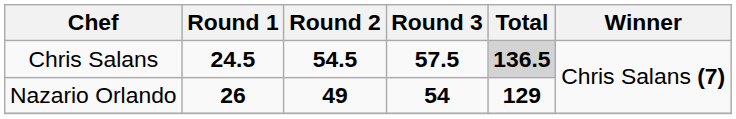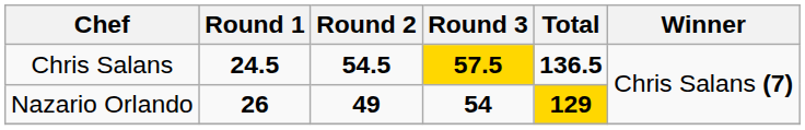 <table class="wikitable"  style="float:left; margin:auto; text-align:center;">
 <tr>
 <th>Chef</th>
 <th>Round 1</th>
 <th>Round 2</th>
 <th>Round 3</th>
 <th>Total</th>
 <th>Winner</th>
 </tr>
 <tr>
 <td>Chris Salans</td>
 <td><strong>24.5</strong></td>
 <td><strong>54.5</strong></td>
-<td><strong>57.5</strong></td>
-<td style="background: lightgrey;"><strong>136.5</strong></td>
+<td style="background: gold;"><strong>57.5</strong></td>
+<td><strong>136.5</strong></td>
 <td rowspan=2>Chris Salans <strong>(7)</strong></td>
 </tr>
 <tr>
 <td>Nazario Orlando</td>
 <td><strong>26</strong></td>
 <td><strong>49</strong></td>
 <td><strong>54</strong></td>
-<td><strong>129</strong></td>
+<td style="background: gold;"><strong>129</strong></td>
 </tr>
 <tr>
 </tr>
 </table>
